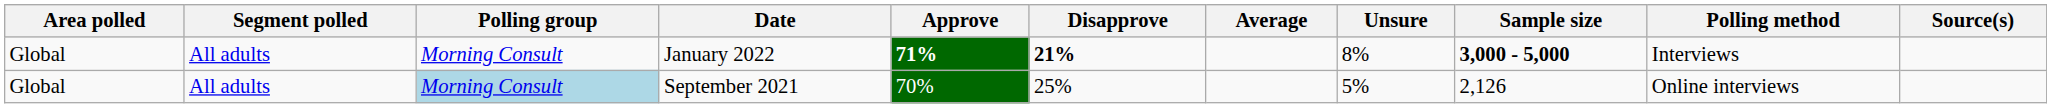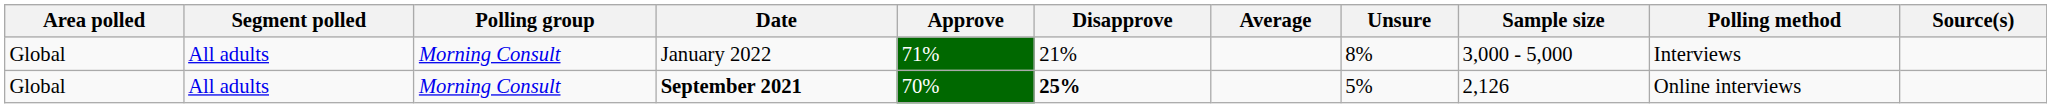 <table class="sortable wikitable static-row-numbers" style="width:100%;">
 <tr style="background:#CCCC;">
 <th>Area polled</th>
 <th>Segment polled</th>
 <th>Polling group</th>
 <th>Date</th>
 <th>Approve</th>
 <th>Disapprove</th>
 <th>Average</th>
 <th>Unsure</th>
 <th>Sample size</th>
 <th>Polling method</th>
 <th>Source(s)</th>
 </tr>
 <tr>
 <td>Global</td>
 <td><a href='#'>All adults</a></td>
 <td><em><a href='#'>Morning Consult</a></em></td>
 <td>January 2022</td>
-<td style="background:#006800; color: white"><strong>71%</strong></td>
-<td><strong>21%</strong></td>
+<td style="background:#006800; color: white">71%</td>
+<td>21%</td>
 <td></td>
 <td>8%</td>
-<td><strong>3,000 - 5,000</strong></td>
+<td>3,000 - 5,000</td>
 <td>Interviews</td>
 <td></td>
 </tr>
 <tr>
 <td>Global</td>
 <td><a href='#'>All adults</a></td>
-<td style="background: lightblue;"><em><a href='#'>Morning Consult</a></em></td>
-<td>September 2021</td>
+<td><em><a href='#'>Morning Consult</a></em></td>
+<td><strong>September 2021</strong></td>
 <td style="background:#006800; color: white">70%</td>
-<td>25%</td>
+<td><strong>25%</strong></td>
 <td></td>
 <td>5%</td>
 <td>2,126</td>
 <td>Online interviews</td>
 <td></td>
 </tr>
 </table>
